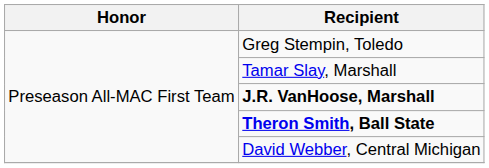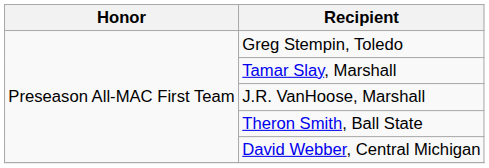 <table class="wikitable" border="1">
 <tr>
 <th>Honor</th>
 <th>Recipient</th>
 </tr>
 <tr>
 <td rowspan=5 valign=middle>Preseason All-MAC First Team</td>
 <td>Greg Stempin, Toledo</td>
 </tr>
 <tr>
 <td><a href='#'>Tamar Slay</a>, Marshall</td>
 </tr>
 <tr>
-<td><strong>J.R. VanHoose, Marshall</strong></td>
+<td>J.R. VanHoose, Marshall</td>
 </tr>
 <tr>
-<td><strong><a href='#'>Theron Smith</a>, Ball State</strong></td>
+<td><a href='#'>Theron Smith</a>, Ball State</td>
 </tr>
 <tr>
 <td><a href='#'>David Webber</a>, Central Michigan</td>
 </tr>
 <tr>
 </tr>
 </table>
